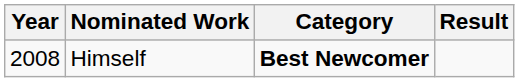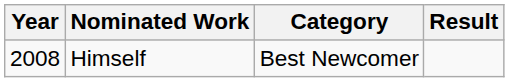 <table class="wikitable">
 <tr>
 <th>Year</th>
 <th>Nominated Work</th>
 <th>Category</th>
 <th>Result</th>
 </tr>
 <tr>
 <td rowspan="3">2008</td>
 <td>Himself</td>
-<td><strong>Best Newcomer</strong></td>
+<td>Best Newcomer</td>
 <td></td>
 </tr>
 </table>
